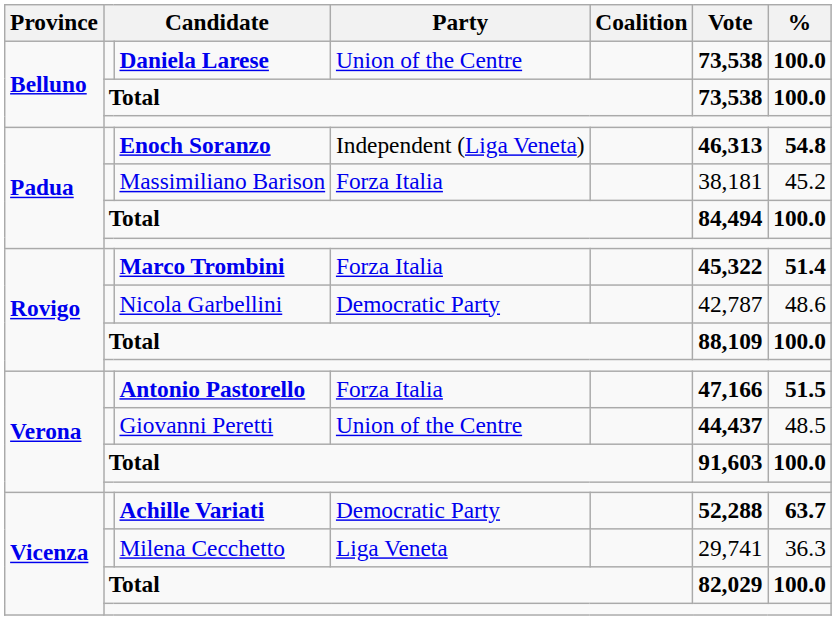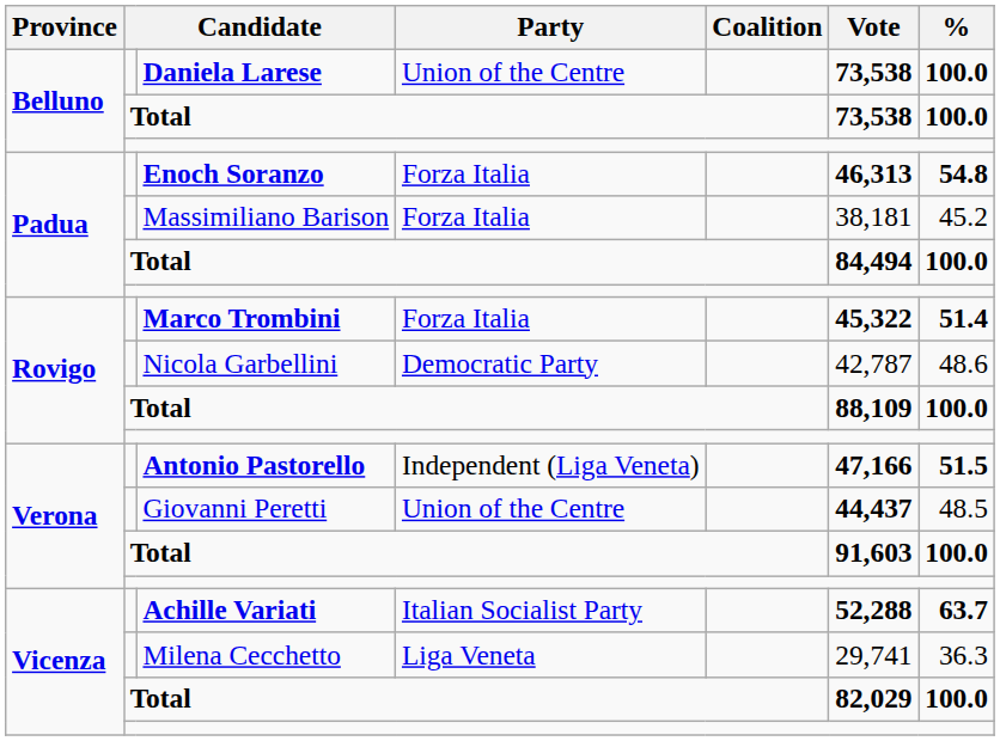 <table class="wikitable">
 <tr>
 <th>Province</th>
 <th rowspan="1" colspan="2">Candidate</th>
 <th>Party</th>
 <th>Coalition</th>
 <th>Vote</th>
 <th>%</th>
 </tr>
 <tr>
 <td rowspan="3" align="left"><strong><a href='#'>Belluno</a></strong></td>
 <td></td>
 <td align="left"><strong><a href='#'>Daniela Larese</a></strong></td>
 <td align="left"><a href='#'>Union of the Centre</a></td>
 <td align="left"></td>
 <td align="right"><strong>73,538</strong></td>
 <td align="right"><strong>100.0</strong></td>
 </tr>
 <tr>
 <td colspan="4" align="left"><strong>Total</strong></td>
 <td align="right"><strong>73,538</strong></td>
 <td align="right"><strong>100.0</strong></td>
 </tr>
 <tr>
 <td colspan="6" align="left"></td>
 </tr>
 <tr>
 <td rowspan="4" align="left"><strong><a href='#'>Padua</a></strong></td>
 <td></td>
 <td align="left"><strong><a href='#'>Enoch Soranzo</a></strong></td>
-<td align="left">Independent (<a href='#'>Liga Veneta</a>)</td>
+<td align="left"><a href='#'>Forza Italia</a></td>
 <td align="left"></td>
 <td align="right"><strong>46,313</strong></td>
 <td align="right"><strong>54.8</strong></td>
 </tr>
 <tr>
 <td></td>
 <td align="left"><a href='#'>Massimiliano Barison</a></td>
 <td align="left"><a href='#'>Forza Italia</a></td>
 <td align="left"></td>
 <td align="right">38,181</td>
 <td align="right">45.2</td>
 </tr>
 <tr>
 <td colspan="4" align="left"><strong>Total</strong></td>
 <td align="right"><strong>84,494</strong></td>
 <td align="right"><strong>100.0</strong></td>
 </tr>
 <tr>
 <td colspan="6" align="left"></td>
 </tr>
 <tr>
 <td rowspan="4" align="left"><strong><a href='#'>Rovigo</a></strong></td>
 <td></td>
 <td align="left"><strong><a href='#'>Marco Trombini</a></strong></td>
 <td align="left"><a href='#'>Forza Italia</a></td>
 <td align="left"></td>
 <td align="right"><strong>45,322</strong></td>
 <td align="right"><strong>51.4</strong></td>
 </tr>
 <tr>
 <td></td>
 <td align="left"><a href='#'>Nicola Garbellini</a></td>
 <td align="left"><a href='#'>Democratic Party</a></td>
 <td align="left"></td>
 <td align="right">42,787</td>
 <td align="right">48.6</td>
 </tr>
 <tr>
 <td colspan="4" align="left"><strong>Total</strong></td>
 <td align="right"><strong>88,109</strong></td>
 <td align="right"><strong>100.0</strong></td>
 </tr>
 <tr>
 <td colspan="6" align="left"></td>
 </tr>
 <tr>
 <td rowspan="4" align="left"><strong><a href='#'>Verona</a></strong></td>
 <td></td>
 <td align="left"><strong><a href='#'>Antonio Pastorello</a></strong></td>
-<td align="left"><a href='#'>Forza Italia</a></td>
+<td align="left">Independent (<a href='#'>Liga Veneta</a>)</td>
 <td align="left"></td>
 <td align="right"><strong>47,166</strong></td>
 <td align="right"><strong>51.5</strong></td>
 </tr>
 <tr>
 <td></td>
 <td align="left"><a href='#'>Giovanni Peretti</a></td>
 <td align="left"><a href='#'>Union of the Centre</a></td>
 <td align="left"></td>
 <td align="right"><strong>44,437</strong></td>
 <td align="right">48.5</td>
 </tr>
 <tr>
 <td colspan="4" align="left"><strong>Total</strong></td>
 <td align="right"><strong>91,603</strong></td>
 <td align="right"><strong>100.0</strong></td>
 </tr>
 <tr>
 <td colspan="6" align="left"></td>
 </tr>
 <tr>
 <td rowspan="4" align="left"><strong><a href='#'>Vicenza</a></strong></td>
 <td></td>
 <td align="left"><strong><a href='#'>Achille Variati</a></strong></td>
-<td align="left"><a href='#'>Democratic Party</a></td>
+<td align="left"><a href='#'>Italian Socialist Party</a></td>
 <td align="left"></td>
 <td align="right"><strong>52,288</strong></td>
 <td align="right"><strong>63.7</strong></td>
 </tr>
 <tr>
 <td></td>
 <td align="left"><a href='#'>Milena Cecchetto</a></td>
 <td align="left"><a href='#'>Liga Veneta</a></td>
 <td align="left"></td>
 <td align="right">29,741</td>
 <td align="right">36.3</td>
 </tr>
 <tr>
 <td colspan="4" align="left"><strong>Total</strong></td>
 <td align="right"><strong>82,029</strong></td>
 <td align="right"><strong>100.0</strong></td>
 </tr>
 <tr>
 <td colspan="6" align="left"></td>
 </tr>
 </table>
